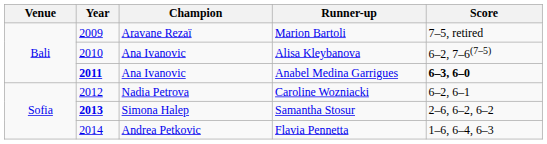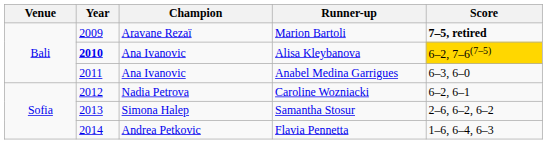 <table class="wikitable">
 <tr>
 <th width=90>Venue</th>
 <th width=50>Year</th>
 <th width=200>Champion</th>
 <th width=200>Runner-up</th>
 <th width=150>Score</th>
 </tr>
 <tr>
 <td rowspan="3" align=center> <a href='#'>Bali</a></td>
 <td><a href='#'>2009</a></td>
 <td> <a href='#'>Aravane Rezaï</a></td>
 <td> <a href='#'>Marion Bartoli</a></td>
-<td>7–5, retired</td>
+<td><strong>7–5, retired</strong></td>
 </tr>
 <tr>
-<td><a href='#'>2010</a></td>
+<td><strong><a href='#'>2010</a></strong></td>
 <td> <a href='#'>Ana Ivanovic</a></td>
 <td> <a href='#'>Alisa Kleybanova</a></td>
-<td>6–2, 7–6<sup>(7–5)</sup></td>
+<td style="background: gold;">6–2, 7–6<sup>(7–5)</sup></td>
 </tr>
 <tr>
-<td><strong><a href='#'>2011</a></strong></td>
+<td><a href='#'>2011</a></td>
 <td> <a href='#'>Ana Ivanovic</a> </td>
 <td> <a href='#'>Anabel Medina Garrigues</a></td>
-<td><strong>6–3, 6–0</strong></td>
+<td>6–3, 6–0</td>
 </tr>
 <tr>
 <td rowspan="3" align=center> <a href='#'>Sofia</a></td>
 <td><a href='#'>2012</a></td>
 <td> <a href='#'>Nadia Petrova</a></td>
 <td> <a href='#'>Caroline Wozniacki</a></td>
 <td>6–2, 6–1</td>
 </tr>
 <tr>
-<td><strong><a href='#'>2013</a></strong></td>
+<td><a href='#'>2013</a></td>
 <td> <a href='#'>Simona Halep</a></td>
 <td> <a href='#'>Samantha Stosur</a></td>
 <td>2–6, 6–2, 6–2</td>
 </tr>
 <tr>
 <td><a href='#'>2014</a></td>
 <td> <a href='#'>Andrea Petkovic</a></td>
 <td> <a href='#'>Flavia Pennetta</a></td>
 <td>1–6, 6–4, 6–3</td>
 </tr>
 </table>
